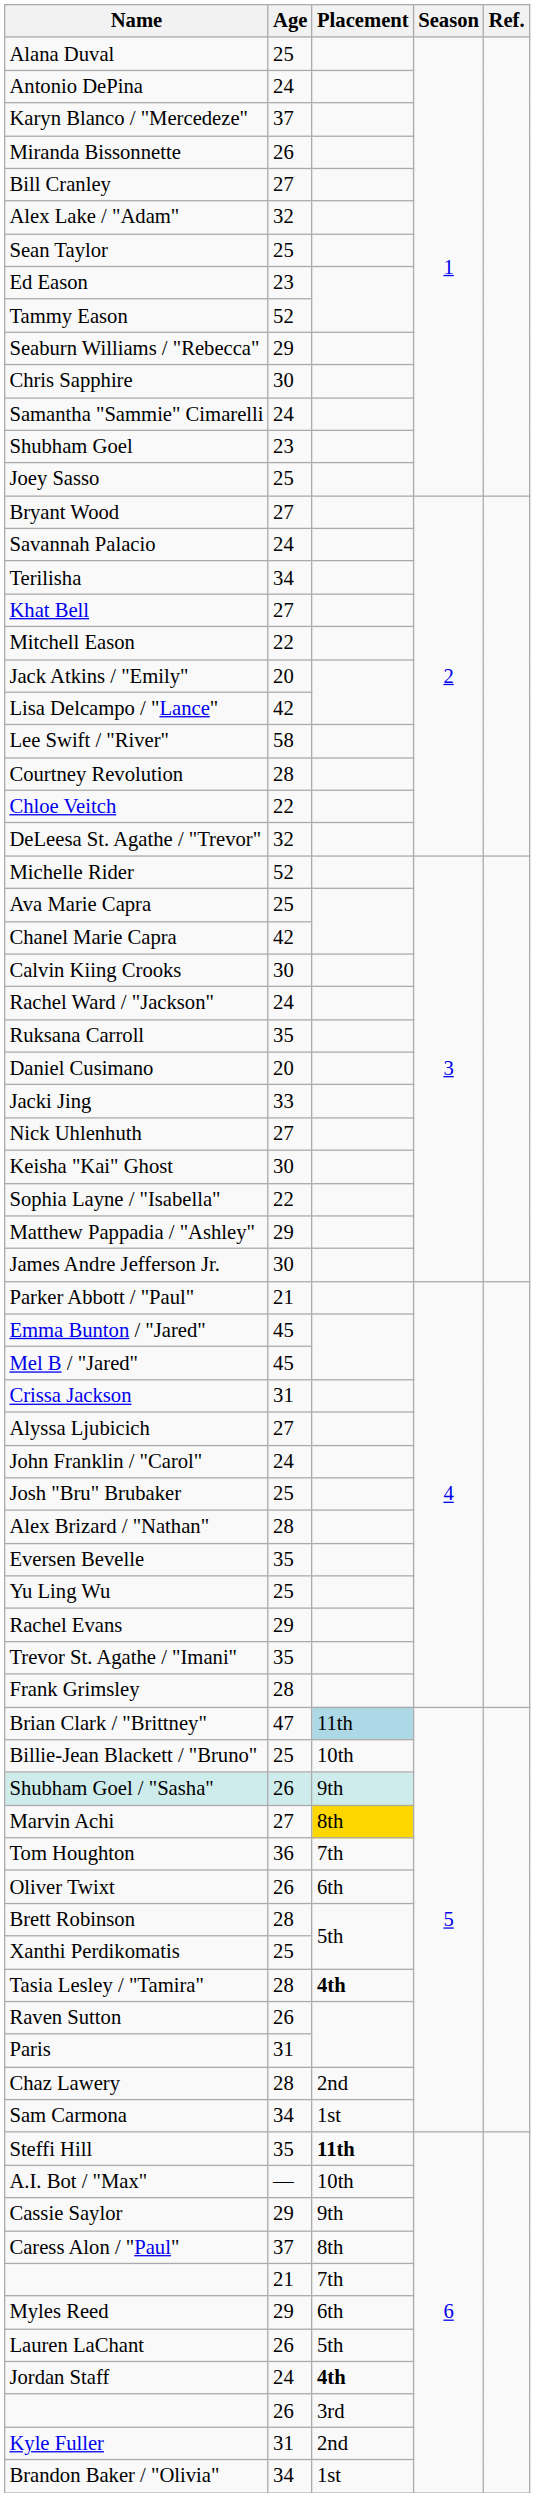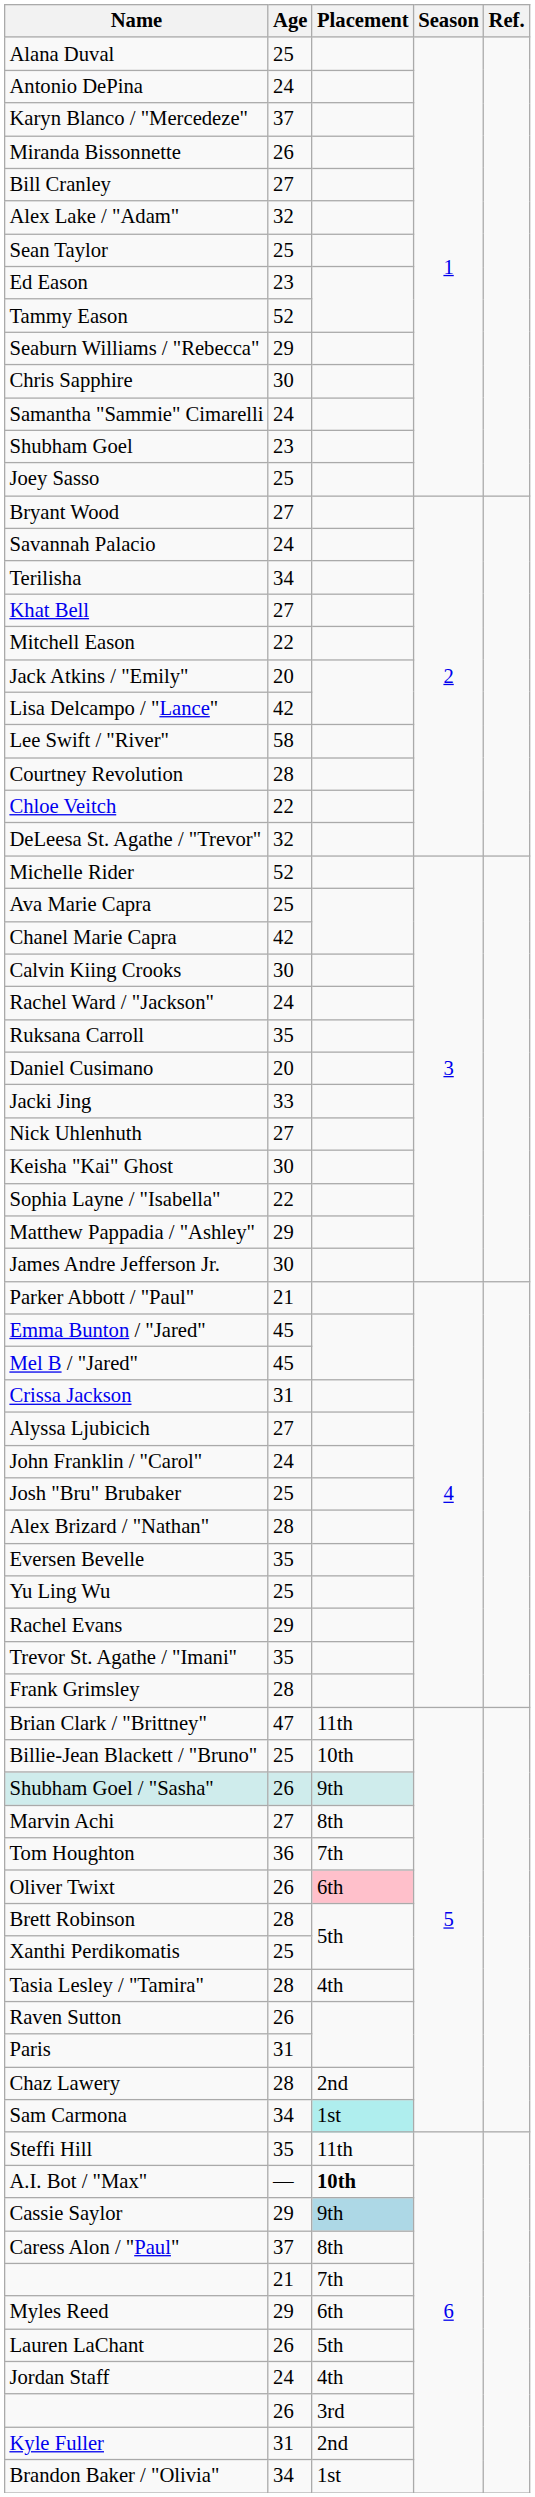 <table class="sortable wikitable">
 <tr>
 <th>Name</th>
 <th>Age</th>
 <th>Placement</th>
 <th>Season</th>
 <th>Ref.</th>
 </tr>
 <tr>
 <td>Alana Duval</td>
 <td>25</td>
 <td></td>
 <td scope="row" style="text-align:center;" rowspan="14"><a href='#'>1</a></td>
 <td scope="row" style="text-align:center;" rowspan="14"></td>
 </tr>
 <tr>
 <td>Antonio DePina</td>
 <td>24</td>
 <td></td>
 </tr>
 <tr>
 <td>Karyn Blanco / "Mercedeze"</td>
 <td>37</td>
 <td></td>
 </tr>
 <tr>
 <td>Miranda Bissonnette</td>
 <td>26</td>
 <td></td>
 </tr>
 <tr>
 <td>Bill Cranley</td>
 <td>27</td>
 <td></td>
 </tr>
 <tr>
 <td>Alex Lake / "Adam"</td>
 <td>32</td>
 <td></td>
 </tr>
 <tr>
 <td>Sean Taylor</td>
 <td>25</td>
 <td></td>
 </tr>
 <tr>
 <td>Ed Eason</td>
 <td>23</td>
 <td rowspan=2></td>
 </tr>
 <tr>
 <td>Tammy Eason</td>
 <td>52</td>
 </tr>
 <tr>
 <td>Seaburn Williams / "Rebecca"</td>
 <td>29</td>
 <td></td>
 </tr>
 <tr>
 <td>Chris Sapphire</td>
 <td>30</td>
 <td></td>
 </tr>
 <tr>
 <td>Samantha "Sammie" Cimarelli</td>
 <td>24</td>
 <td></td>
 </tr>
 <tr>
 <td>Shubham Goel</td>
 <td>23</td>
 <td></td>
 </tr>
 <tr>
 <td>Joey Sasso</td>
 <td>25</td>
 <td></td>
 </tr>
 <tr>
 <td>Bryant Wood</td>
 <td>27</td>
 <td></td>
 <td scope="row" style="text-align:center;" rowspan="11"><a href='#'>2</a></td>
 <td scope="row" style="text-align:center;" rowspan="11"></td>
 </tr>
 <tr>
 <td>Savannah Palacio</td>
 <td>24</td>
 <td></td>
 </tr>
 <tr>
 <td>Terilisha</td>
 <td>34</td>
 <td></td>
 </tr>
 <tr>
 <td><a href='#'>Khat Bell</a></td>
 <td>27</td>
 <td></td>
 </tr>
 <tr>
 <td>Mitchell Eason</td>
 <td>22</td>
 <td></td>
 </tr>
 <tr>
 <td>Jack Atkins / "Emily"</td>
 <td>20</td>
 <td rowspan=2></td>
 </tr>
 <tr>
 <td>Lisa Delcampo / "<a href='#'>Lance</a>"</td>
 <td>42</td>
 </tr>
 <tr>
 <td>Lee Swift / "River"</td>
 <td>58</td>
 <td></td>
 </tr>
 <tr>
 <td>Courtney Revolution</td>
 <td>28</td>
 <td></td>
 </tr>
 <tr>
 <td><a href='#'>Chloe Veitch</a></td>
 <td>22</td>
 <td></td>
 </tr>
 <tr>
 <td>DeLeesa St. Agathe / "Trevor"</td>
 <td>32</td>
 <td></td>
 </tr>
 <tr>
 <td>Michelle Rider</td>
 <td>52</td>
 <td></td>
 <td scope="row" style="text-align:center;" rowspan="13"><a href='#'>3</a></td>
 <td scope="row" style="text-align:center;" rowspan="13"></td>
 </tr>
 <tr>
 <td>Ava Marie Capra</td>
 <td>25</td>
 <td rowspan=2></td>
 </tr>
 <tr>
 <td>Chanel Marie Capra</td>
 <td>42</td>
 </tr>
 <tr>
 <td>Calvin Kiing Crooks</td>
 <td>30</td>
 <td></td>
 </tr>
 <tr>
 <td>Rachel Ward / "Jackson"</td>
 <td>24</td>
 <td></td>
 </tr>
 <tr>
 <td>Ruksana Carroll</td>
 <td>35</td>
 <td></td>
 </tr>
 <tr>
 <td>Daniel Cusimano</td>
 <td>20</td>
 <td></td>
 </tr>
 <tr>
 <td>Jacki Jing</td>
 <td>33</td>
 <td></td>
 </tr>
 <tr>
 <td>Nick Uhlenhuth</td>
 <td>27</td>
 <td></td>
 </tr>
 <tr>
 <td>Keisha "Kai" Ghost</td>
 <td>30</td>
 <td></td>
 </tr>
 <tr>
 <td>Sophia Layne / "Isabella"</td>
 <td>22</td>
 <td></td>
 </tr>
 <tr>
 <td>Matthew Pappadia / "Ashley"</td>
 <td>29</td>
 <td></td>
 </tr>
 <tr>
 <td>James Andre Jefferson Jr.</td>
 <td>30</td>
 <td></td>
 </tr>
 <tr>
 <td>Parker Abbott / "Paul"</td>
 <td>21</td>
 <td></td>
 <td scope="row" style="text-align:center;" rowspan="13"><a href='#'>4</a></td>
 <td scope="row" style="text-align:center;" rowspan="13"></td>
 </tr>
 <tr>
 <td><a href='#'>Emma Bunton</a> / "Jared"</td>
 <td>45</td>
 <td rowspan=2></td>
 </tr>
 <tr>
 <td><a href='#'>Mel B</a> / "Jared"</td>
 <td>45</td>
 </tr>
 <tr>
 <td><a href='#'>Crissa Jackson</a></td>
 <td>31</td>
 <td></td>
 </tr>
 <tr>
 <td>Alyssa Ljubicich</td>
 <td>27</td>
 <td></td>
 </tr>
 <tr>
 <td>John Franklin / "Carol"</td>
 <td>24</td>
 <td></td>
 </tr>
 <tr>
 <td>Josh "Bru" Brubaker</td>
 <td>25</td>
 <td></td>
 </tr>
 <tr>
 <td>Alex Brizard / "Nathan"</td>
 <td>28</td>
 <td></td>
 </tr>
 <tr>
 <td>Eversen Bevelle</td>
 <td>35</td>
 <td></td>
 </tr>
 <tr>
 <td>Yu Ling Wu</td>
 <td>25</td>
 <td></td>
 </tr>
 <tr>
 <td>Rachel Evans</td>
 <td>29</td>
 <td></td>
 </tr>
 <tr>
 <td>Trevor St. Agathe / "Imani"</td>
 <td>35</td>
 <td></td>
 </tr>
 <tr>
 <td>Frank Grimsley</td>
 <td>28</td>
 <td></td>
 </tr>
 <tr>
 <td>Brian Clark / "Brittney"</td>
 <td>47</td>
-<td style="background: lightblue;">11th</td>
+<td>11th</td>
 <td scope="row" style="text-align:center;" rowspan="13"><a href='#'>5</a></td>
 <td scope="row" style="text-align:center;" rowspan="13"></td>
 </tr>
 <tr>
 <td>Billie-Jean Blackett / "Bruno"</td>
 <td>25</td>
 <td>10th</td>
 </tr>
 <tr style="background:#cfecec;">
 <td>Shubham Goel / "Sasha"</td>
 <td>26</td>
 <td>9th</td>
 </tr>
 <tr>
 <td>Marvin Achi</td>
 <td>27</td>
-<td style="background: gold;">8th</td>
+<td>8th</td>
 </tr>
 <tr>
 <td>Tom Houghton</td>
 <td>36</td>
 <td>7th</td>
 </tr>
 <tr>
 <td>Oliver Twixt</td>
 <td>26</td>
-<td>6th</td>
+<td style="background: pink;">6th</td>
 </tr>
 <tr>
 <td>Brett Robinson</td>
 <td>28</td>
 <td rowspan="2">5th</td>
 </tr>
 <tr>
 <td>Xanthi Perdikomatis</td>
 <td>25</td>
 </tr>
 <tr>
 <td>Tasia Lesley / "Tamira"</td>
 <td>28</td>
-<td><strong>4th</strong></td>
+<td>4th</td>
 </tr>
 <tr>
 <td>Raven Sutton</td>
 <td>26</td>
 <td rowspan="2"></td>
 </tr>
 <tr>
 <td>Paris</td>
 <td>31</td>
 </tr>
 <tr>
 <td>Chaz Lawery</td>
 <td>28</td>
 <td>2nd</td>
 </tr>
 <tr>
 <td>Sam Carmona</td>
 <td>34</td>
-<td>1st</td>
+<td style="background: paleturquoise;">1st</td>
 </tr>
 <tr>
 <td>Steffi Hill</td>
 <td>35</td>
-<td><strong>11th</strong></td>
+<td>11th</td>
 <td scope="row" style="text-align:center;" rowspan="13"><a href='#'>6</a></td>
 <td scope="row" style="text-align:center;" rowspan="13"><br></td>
 </tr>
 <tr>
 <td>A.I. Bot / "Max"</td>
 <td>—</td>
-<td>10th</td>
+<td><strong>10th</strong></td>
 </tr>
 <tr>
 <td>Cassie Saylor</td>
 <td>29</td>
-<td>9th</td>
+<td style="background: lightblue;">9th</td>
 </tr>
 <tr>
 <td>Caress Alon / "<a href='#'>Paul</a>"</td>
 <td>37</td>
 <td>8th</td>
 </tr>
 <tr>
 <td></td>
 <td>21</td>
 <td>7th</td>
 </tr>
 <tr>
 <td>Myles Reed</td>
 <td>29</td>
 <td>6th</td>
 </tr>
 <tr>
 <td>Lauren LaChant</td>
 <td>26</td>
 <td>5th</td>
 </tr>
 <tr>
 <td>Jordan Staff</td>
 <td>24</td>
-<td><strong>4th</strong></td>
+<td>4th</td>
 </tr>
 <tr>
 <td></td>
 <td>26</td>
 <td>3rd</td>
 </tr>
 <tr>
 <td><a href='#'>Kyle Fuller</a></td>
 <td>31</td>
 <td>2nd</td>
 </tr>
 <tr>
 <td>Brandon Baker / "Olivia"</td>
 <td>34</td>
 <td>1st</td>
 </tr>
 </table>
